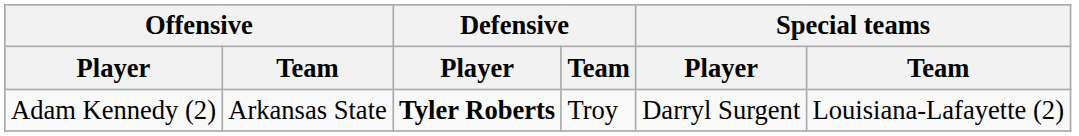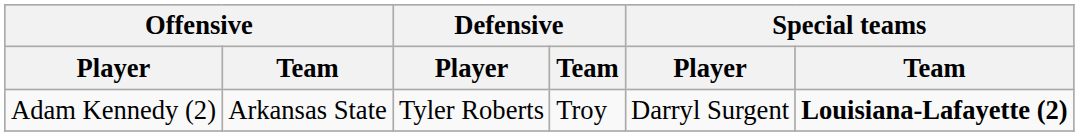 <table class="wikitable">
 <tr>
 <th colspan="2">Offensive</th>
 <th colspan="2">Defensive</th>
 <th colspan="2">Special teams</th>
 </tr>
 <tr>
 <th>Player</th>
 <th>Team</th>
 <th>Player</th>
 <th>Team</th>
 <th>Player</th>
 <th>Team</th>
 </tr>
 <tr>
 <td>Adam Kennedy (2)</td>
 <td>Arkansas State</td>
-<td><strong>Tyler Roberts</strong></td>
+<td>Tyler Roberts</td>
 <td>Troy</td>
 <td>Darryl Surgent</td>
-<td>Louisiana-Lafayette (2)</td>
+<td><strong>Louisiana-Lafayette (2)</strong></td>
 </tr>
 </table>
